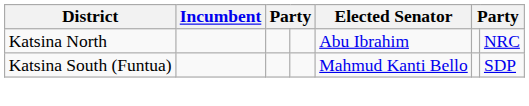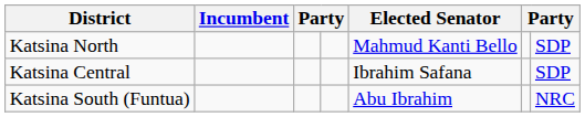 <table class="sortable wikitable" style="font-size:95%;line-height:14px;">
 <tr>
 <th class="unsortable">District</th>
 <th class="unsortable"><a href='#'>Incumbent</a></th>
 <th colspan="2">Party</th>
 <th class="unsortable">Elected Senator</th>
 <th colspan="2">Party</th>
 </tr>
 <tr>
 <td>Katsina North</td>
 <td></td>
 <td></td>
 <td></td>
-<td><a href='#'>Abu Ibrahim</a></td>
+<td><a href='#'>Mahmud Kanti Bello</a></td>
 <td style="background:"></td>
-<td><a href='#'>NRC</a></td>
+<td><a href='#'>SDP</a></td>
+</tr>
+<tr>
+<td>Katsina Central</td>
+<td></td>
+<td></td>
+<td></td>
+<td>Ibrahim Safana</td>
+<td style="background:"></td>
+<td><a href='#'>SDP</a></td>
 </tr>
 <tr>
 <td>Katsina South (Funtua)</td>
 <td></td>
 <td></td>
 <td></td>
-<td><a href='#'>Mahmud Kanti Bello</a></td>
+<td><a href='#'>Abu Ibrahim</a></td>
 <td style="background:"></td>
-<td><a href='#'>SDP</a></td>
+<td><a href='#'>NRC</a></td>
 </tr>
 </table>
